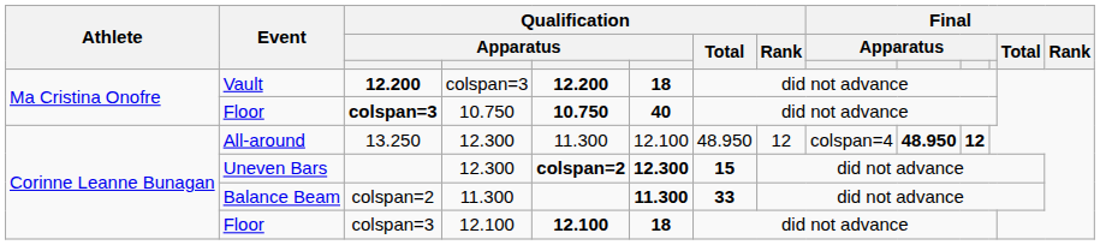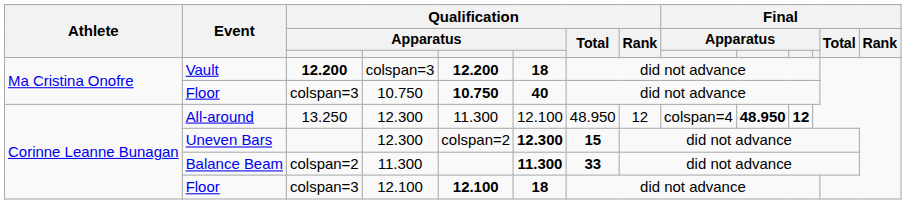 <table class="wikitable" style="font-size:90%">
 <tr>
 <th rowspan=3>Athlete</th>
 <th rowspan=3>Event</th>
 <th colspan=6>Qualification</th>
 <th colspan=6>Final</th>
 </tr>
 <tr style="font-size:95%">
 <th colspan=4>Apparatus</th>
 <th rowspan=2>Total</th>
 <th rowspan=2>Rank</th>
 <th colspan=4>Apparatus</th>
 <th rowspan=2>Total</th>
 <th rowspan=2>Rank</th>
 </tr>
 <tr style="font-size:95%">
 <th></th>
 <th></th>
 <th></th>
 <th></th>
 <th></th>
 <th></th>
 <th></th>
 <th></th>
 </tr>
 <tr align=center>
 <td align=left rowspan=2><a href='#'>Ma Cristina Onofre</a></td>
 <td align=left><a href='#'>Vault</a></td>
 <td><strong>12.200</strong></td>
 <td>colspan=3 </td>
 <td><strong>12.200</strong></td>
 <td><strong>18</strong></td>
 <td colspan=6>did not advance</td>
 </tr>
 <tr align=center>
 <td align=left><a href='#'>Floor</a></td>
-<td><strong>colspan=3 </strong></td>
+<td>colspan=3 </td>
 <td>10.750</td>
 <td><strong>10.750</strong></td>
 <td><strong>40</strong></td>
 <td colspan=6>did not advance</td>
 </tr>
 <tr align=center>
 <td align=left rowspan=5><a href='#'>Corinne Leanne Bunagan</a></td>
 <td align=left><a href='#'>All-around</a></td>
 <td>13.250</td>
 <td>12.300</td>
 <td>11.300</td>
 <td>12.100</td>
 <td>48.950</td>
 <td>12</td>
 <td>colspan=4 </td>
 <td><strong>48.950</strong></td>
 <td><strong>12</strong></td>
 </tr>
 <tr align=center>
 <td align=left><a href='#'>Uneven Bars</a></td>
 <td></td>
 <td>12.300</td>
-<td><strong>colspan=2 </strong></td>
+<td>colspan=2 </td>
 <td><strong>12.300</strong></td>
 <td><strong>15</strong></td>
 <td colspan=6>did not advance</td>
 </tr>
 <tr align=center>
 <td align=left><a href='#'>Balance Beam</a></td>
 <td>colspan=2 </td>
 <td>11.300</td>
 <td></td>
 <td><strong>11.300</strong></td>
 <td><strong>33</strong></td>
 <td colspan=6>did not advance</td>
 </tr>
 <tr align=center>
 <td align=left><a href='#'>Floor</a></td>
 <td>colspan=3 </td>
 <td>12.100</td>
 <td><strong>12.100</strong></td>
 <td><strong>18</strong></td>
 <td colspan=6>did not advance</td>
 </tr>
 </table>
